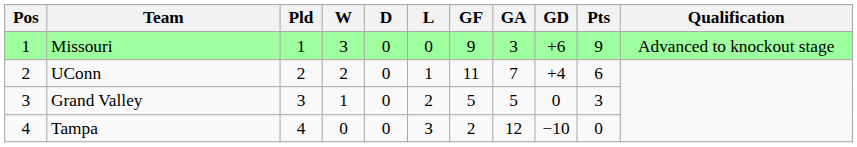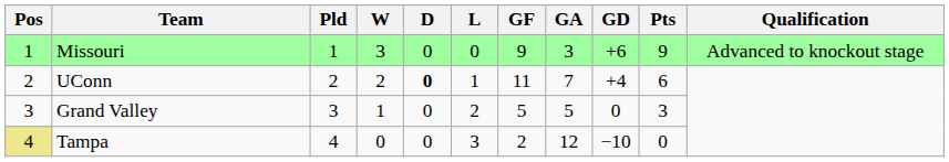 <table class="wikitable" style="text-align:center; margin: 1em auto">
 <tr>
 <th style="width:2em">Pos</th>
 <th style="width:13em">Team</th>
 <th style="width:2em">Pld</th>
 <th style="width:2em">W</th>
 <th style="width:2em">D</th>
 <th style="width:2em">L</th>
 <th style="width:2em">GF</th>
 <th style="width:2em">GA</th>
 <th style="width:2em">GD</th>
 <th style="width:2em">Pts</th>
 <th style="width:13em">Qualification</th>
 </tr>
 <tr bgcolor="#9eff9e">
 <td>1</td>
 <td style="text-align:left">Missouri</td>
 <td>1</td>
 <td>3</td>
 <td>0</td>
 <td>0</td>
 <td>9</td>
 <td>3</td>
 <td>+6</td>
 <td>9</td>
 <td>Advanced to knockout stage</td>
 </tr>
 <tr>
 <td>2</td>
 <td style="text-align:left">UConn</td>
 <td>2</td>
 <td>2</td>
-<td>0</td>
+<td><strong>0</strong></td>
 <td>1</td>
 <td>11</td>
 <td>7</td>
 <td>+4</td>
 <td>6</td>
 <td rowspan="3"></td>
 </tr>
 <tr>
 <td>3</td>
 <td style="text-align:left">Grand Valley</td>
 <td>3</td>
 <td>1</td>
 <td>0</td>
 <td>2</td>
 <td>5</td>
 <td>5</td>
 <td>0</td>
 <td>3</td>
 </tr>
 <tr>
-<td>4</td>
+<td style="background: khaki;">4</td>
 <td style="text-align:left">Tampa</td>
 <td>4</td>
 <td>0</td>
 <td>0</td>
 <td>3</td>
 <td>2</td>
 <td>12</td>
 <td>−10</td>
 <td>0</td>
 </tr>
 </table>
